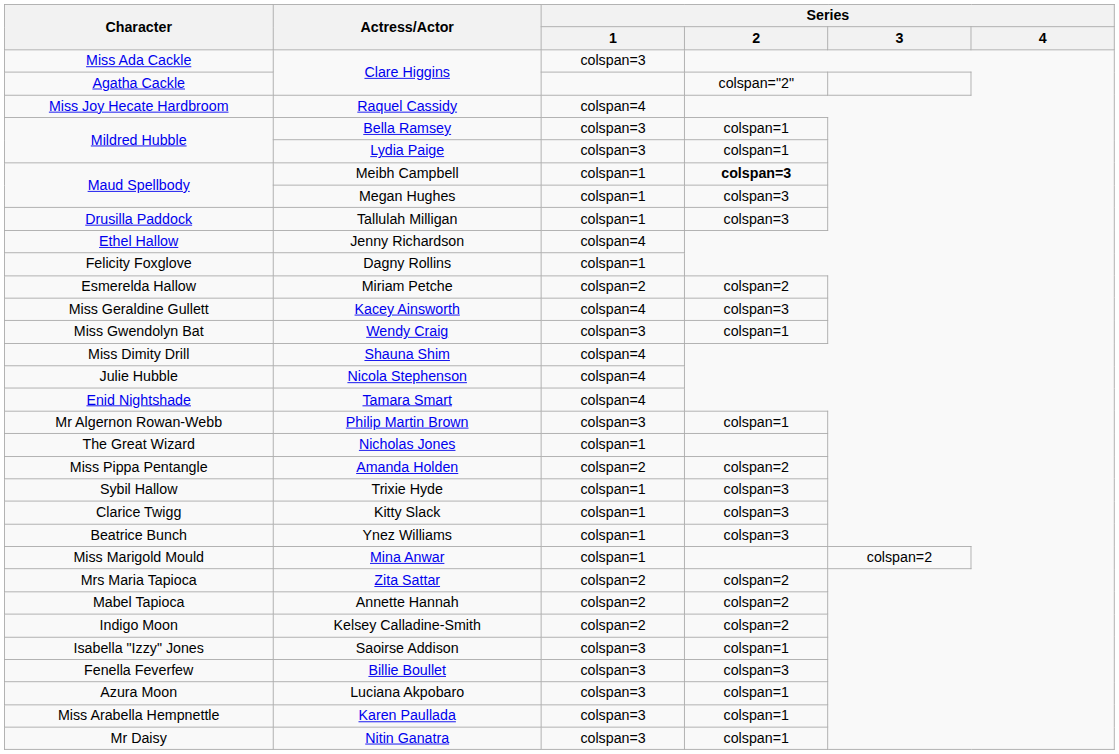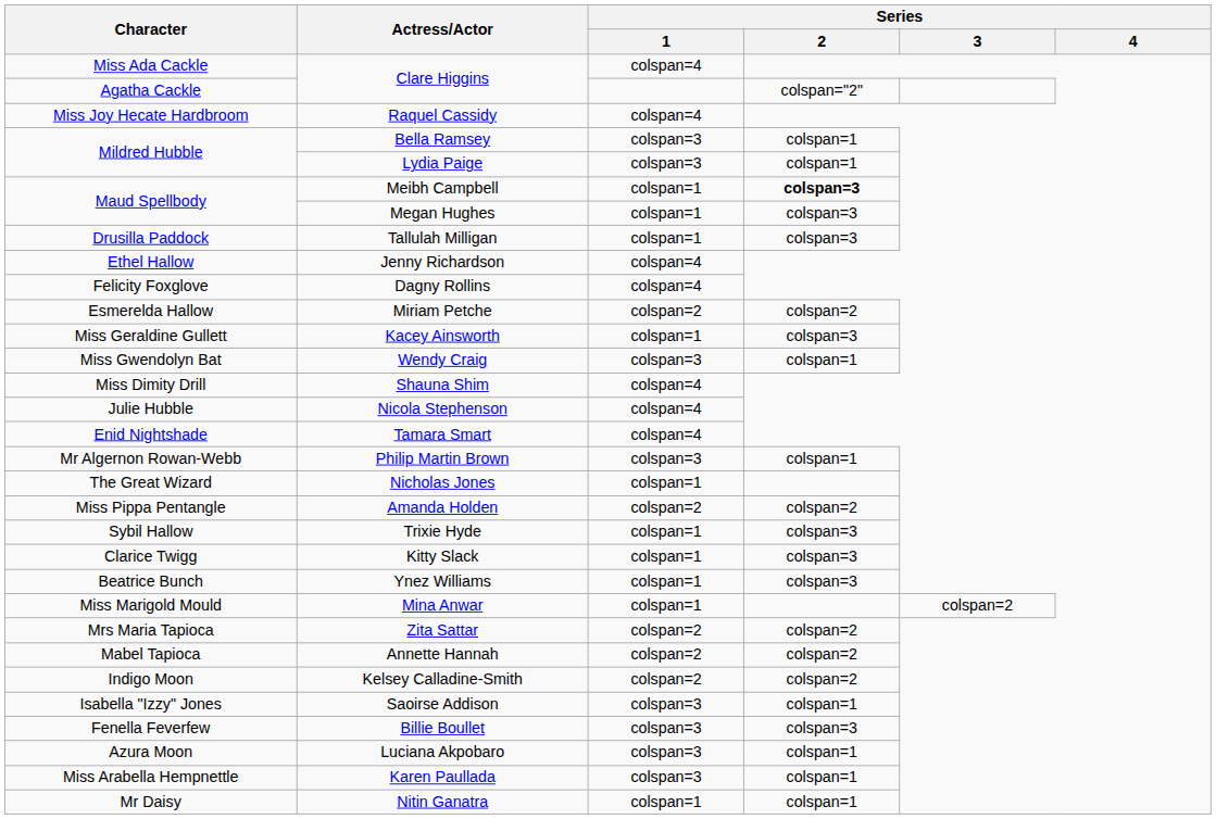 <table class="wikitable" style="text-align:center">
 <tr>
 <th rowspan="2" width="15%" scope="col">Character</th>
 <th rowspan="2" width="15%" scope="col">Actress/Actor</th>
 <th colspan="4">Series</th>
 </tr>
 <tr>
 <th width="8%" scope="col">1</th>
 <th width="8%" scope="col">2</th>
 <th width="8%" scope="col">3</th>
 <th width="8%" scope="col">4</th>
 </tr>
 <tr>
 <td><a href='#'>Miss Ada Cackle</a></td>
 <td rowspan="2"><a href='#'>Clare Higgins</a></td>
-<td>colspan=3 </td>
+<td>colspan=4 </td>
 </tr>
 <tr>
 <td><a href='#'>Agatha Cackle</a></td>
 <td></td>
 <td>colspan="2" </td>
 <td></td>
 </tr>
 <tr>
 <td><a href='#'>Miss Joy Hecate Hardbroom</a></td>
 <td><a href='#'>Raquel Cassidy</a></td>
 <td>colspan=4 </td>
 </tr>
 <tr>
 <td rowspan=2><a href='#'>Mildred Hubble</a></td>
 <td><a href='#'>Bella Ramsey</a></td>
 <td>colspan=3 </td>
 <td>colspan=1 </td>
 </tr>
 <tr>
 <td><a href='#'>Lydia Paige</a></td>
 <td>colspan=3 </td>
 <td>colspan=1 </td>
 </tr>
 <tr>
 <td rowspan=2><a href='#'>Maud Spellbody</a></td>
 <td>Meibh Campbell</td>
 <td>colspan=1 </td>
 <td><strong>colspan=3 </strong></td>
 </tr>
 <tr>
 <td>Megan Hughes</td>
 <td>colspan=1 </td>
 <td>colspan=3 </td>
 </tr>
 <tr>
 <td><a href='#'>Drusilla Paddock</a></td>
 <td>Tallulah Milligan</td>
 <td>colspan=1 </td>
 <td>colspan=3 </td>
 </tr>
 <tr>
 <td><a href='#'>Ethel Hallow</a></td>
 <td>Jenny Richardson</td>
 <td>colspan=4 </td>
 </tr>
 <tr>
 <td>Felicity Foxglove</td>
 <td>Dagny Rollins</td>
-<td>colspan=1 </td>
+<td>colspan=4 </td>
 </tr>
 <tr>
 <td>Esmerelda Hallow</td>
 <td>Miriam Petche</td>
 <td>colspan=2 </td>
 <td>colspan=2 </td>
 </tr>
 <tr>
 <td>Miss Geraldine Gullett</td>
 <td><a href='#'>Kacey Ainsworth</a></td>
-<td>colspan=4 </td>
+<td>colspan=1 </td>
 <td>colspan=3 </td>
 </tr>
 <tr>
 <td>Miss Gwendolyn Bat</td>
 <td><a href='#'>Wendy Craig</a></td>
 <td>colspan=3 </td>
 <td>colspan=1 </td>
 </tr>
 <tr>
 <td>Miss Dimity Drill</td>
 <td><a href='#'>Shauna Shim</a></td>
 <td>colspan=4 </td>
 </tr>
 <tr>
 <td>Julie Hubble</td>
 <td><a href='#'>Nicola Stephenson</a></td>
 <td>colspan=4 </td>
 </tr>
 <tr>
 <td><a href='#'>Enid Nightshade</a></td>
 <td><a href='#'>Tamara Smart</a></td>
 <td>colspan=4 </td>
 </tr>
 <tr>
 <td>Mr Algernon Rowan-Webb</td>
 <td><a href='#'>Philip Martin Brown</a></td>
 <td>colspan=3 </td>
 <td>colspan=1 </td>
 </tr>
 <tr>
 <td>The Great Wizard</td>
 <td><a href='#'>Nicholas Jones</a></td>
 <td>colspan=1 </td>
 <td></td>
 </tr>
 <tr>
 <td>Miss Pippa Pentangle</td>
 <td><a href='#'>Amanda Holden</a></td>
 <td>colspan=2 </td>
 <td>colspan=2 </td>
 </tr>
 <tr>
 <td>Sybil Hallow</td>
 <td>Trixie Hyde</td>
 <td>colspan=1 </td>
 <td>colspan=3 </td>
 </tr>
 <tr>
 <td>Clarice Twigg</td>
 <td>Kitty Slack</td>
 <td>colspan=1 </td>
 <td>colspan=3 </td>
 </tr>
 <tr>
 <td>Beatrice Bunch</td>
 <td>Ynez Williams</td>
 <td>colspan=1 </td>
 <td>colspan=3 </td>
 </tr>
 <tr>
 <td>Miss Marigold Mould</td>
 <td><a href='#'>Mina Anwar</a></td>
 <td>colspan=1 </td>
 <td></td>
 <td>colspan=2 </td>
 </tr>
 <tr>
 <td>Mrs Maria Tapioca</td>
 <td><a href='#'>Zita Sattar</a></td>
 <td>colspan=2 </td>
 <td>colspan=2 </td>
 </tr>
 <tr>
 <td>Mabel Tapioca</td>
 <td>Annette Hannah</td>
 <td>colspan=2 </td>
 <td>colspan=2 </td>
 </tr>
 <tr>
 <td>Indigo Moon</td>
 <td>Kelsey Calladine-Smith</td>
 <td>colspan=2 </td>
 <td>colspan=2 </td>
 </tr>
 <tr>
 <td>Isabella "Izzy" Jones</td>
 <td>Saoirse Addison</td>
 <td>colspan=3 </td>
 <td>colspan=1 </td>
 </tr>
 <tr>
 <td>Fenella Feverfew</td>
 <td><a href='#'>Billie Boullet</a></td>
 <td>colspan=3 </td>
 <td>colspan=3 </td>
 </tr>
 <tr>
 <td>Azura Moon</td>
 <td>Luciana Akpobaro</td>
 <td>colspan=3 </td>
 <td>colspan=1 </td>
 </tr>
 <tr>
 <td>Miss Arabella Hempnettle</td>
 <td><a href='#'>Karen Paullada</a></td>
 <td>colspan=3 </td>
 <td>colspan=1 </td>
 </tr>
 <tr>
 <td>Mr Daisy</td>
 <td><a href='#'>Nitin Ganatra</a></td>
-<td>colspan=3 </td>
+<td>colspan=1 </td>
 <td>colspan=1 </td>
 </tr>
 </table>
